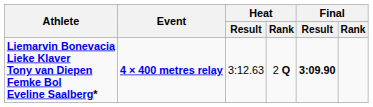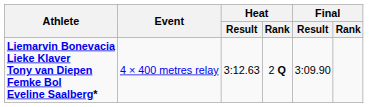 <table class="wikitable" style="font-size:90%">
 <tr>
 <th rowspan="2">Athlete</th>
 <th rowspan="2">Event</th>
 <th colspan="2">Heat</th>
 <th colspan="2">Final</th>
 </tr>
 <tr style="font-size:95%">
 <th>Result</th>
 <th>Rank</th>
 <th>Result</th>
 <th>Rank</th>
 </tr>
 <tr align="center">
 <td align="left"><strong><a href='#'>Liemarvin Bonevacia</a><br><a href='#'>Lieke Klaver</a><br><a href='#'>Tony van Diepen</a><br><a href='#'>Femke Bol</a><br><a href='#'>Eveline Saalberg</a>*</strong></td>
-<td align="left"><strong><a href='#'>4 × 400 metres relay</a></strong></td>
+<td align="left"><a href='#'>4 × 400 metres relay</a></td>
 <td>3:12.63</td>
 <td>2 <strong>Q</strong></td>
-<td><strong>3:09.90</strong></td>
+<td>3:09.90</td>
 <td></td>
 </tr>
 </table>
